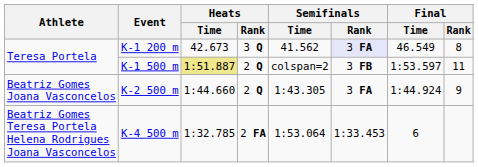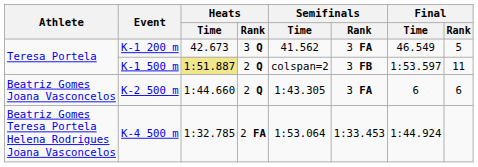 <table class=wikitable style="font-size:90%">
 <tr>
 <th rowspan="2">Athlete</th>
 <th rowspan="2">Event</th>
 <th colspan=2>Heats</th>
 <th colspan=2>Semifinals</th>
 <th colspan=2>Final</th>
 </tr>
 <tr style="font-size:95%">
 <th>Time</th>
 <th>Rank</th>
 <th>Time</th>
 <th>Rank</th>
 <th>Time</th>
 <th>Rank</th>
 </tr>
 <tr align=center>
 <td align=left rowspan=2><a href='#'>Teresa Portela</a></td>
 <td align=left><a href='#'>K-1 200 m</a></td>
 <td>42.673</td>
 <td>3 <strong>Q</strong></td>
 <td>41.562</td>
-<td style="background: lavender;">3 <strong>FA</strong></td>
+<td>3 <strong>FA</strong></td>
 <td>46.549</td>
-<td>8</td>
+<td>5</td>
 </tr>
 <tr align=center>
 <td align=left><a href='#'>K-1 500 m</a></td>
 <td style="background: khaki;">1:51.887</td>
 <td>2 <strong>Q</strong></td>
 <td>colspan=2 </td>
 <td>3 <strong>FB</strong></td>
 <td>1:53.597</td>
 <td>11</td>
 </tr>
 <tr align=center>
 <td align=left><a href='#'>Beatriz Gomes</a><br><a href='#'>Joana Vasconcelos</a></td>
 <td align=left><a href='#'>K-2 500 m</a></td>
 <td>1:44.660</td>
 <td>2 <strong>Q</strong></td>
 <td>1:43.305</td>
 <td>3 <strong>FA</strong></td>
-<td>1:44.924</td>
-<td>9</td>
+<td>6</td>
+<td>6</td>
 </tr>
 <tr align=center>
 <td align=left><a href='#'>Beatriz Gomes</a><br><a href='#'>Teresa Portela</a><br><a href='#'>Helena Rodrigues</a><br><a href='#'>Joana Vasconcelos</a></td>
 <td align=left><a href='#'>K-4 500 m</a></td>
 <td>1:32.785</td>
 <td>2 <strong>FA</strong></td>
 <td>1:53.064</td>
 <td>1:33.453</td>
-<td>6</td>
+<td>1:44.924</td>
 </tr>
 </table>
